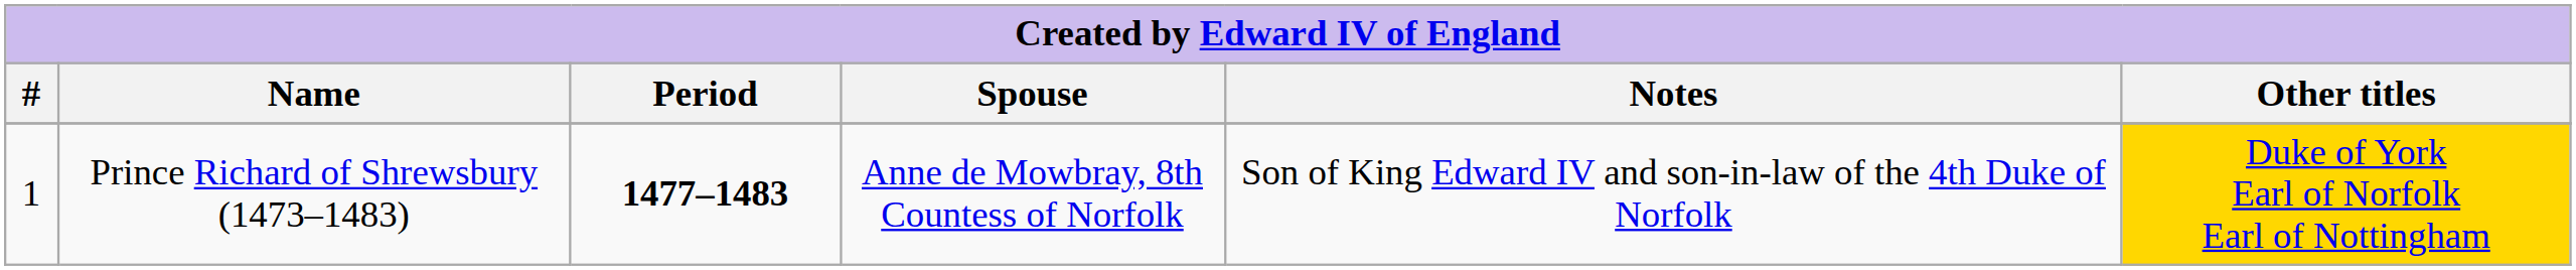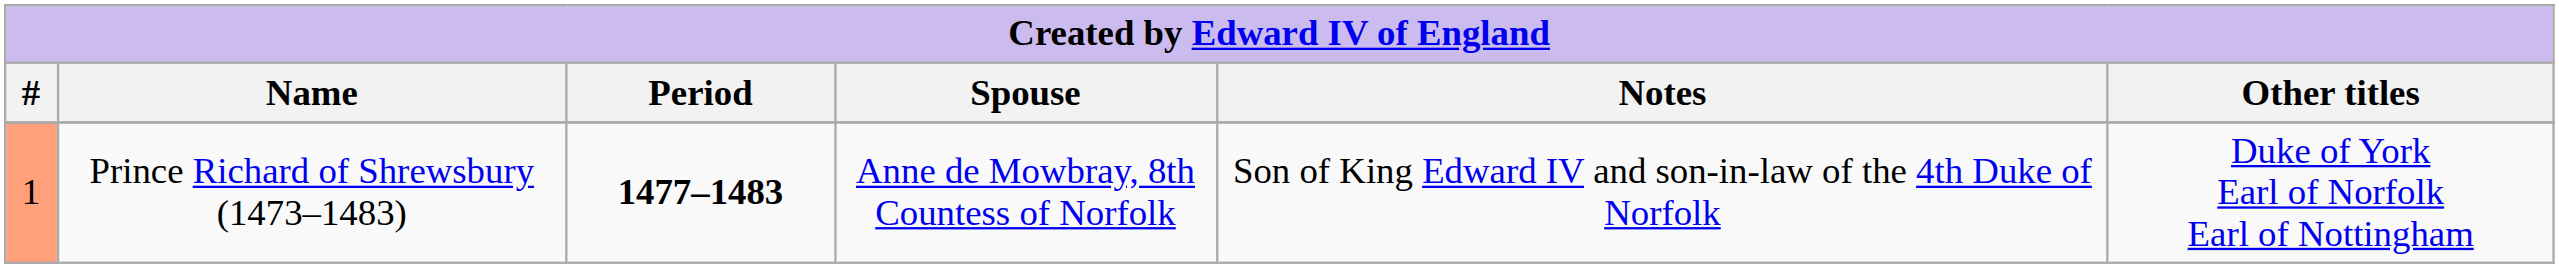 <table style="text-align:center; width:70%" class="wikitable">
 <tr>
 <th colspan="6" style="background-color: #cbe">Created by <a href='#'>Edward IV of England</a></th>
 </tr>
 <tr>
 <th style="width:10%%">#</th>
 <th style="width:20%">Name</th>
 <th>Period</th>
 <th style="width:15%">Spouse</th>
 <th style="width:35%">Notes</th>
 <th>Other titles</th>
 </tr>
 <tr bgcolor="#dddddd" |>
 </tr>
 <tr>
-<td>1</td>
+<td style="background: lightsalmon;">1</td>
 <td>Prince <a href='#'>Richard of Shrewsbury</a><br>(1473–1483)</td>
 <td><strong>1477–1483</strong></td>
 <td><a href='#'>Anne de Mowbray, 8th Countess of Norfolk</a></td>
 <td>Son of King <a href='#'>Edward IV</a> and son-in-law of the <a href='#'>4th Duke of Norfolk</a></td>
-<td style="background: gold;"><a href='#'>Duke of York</a><br><a href='#'>Earl of Norfolk</a><br><a href='#'>Earl of Nottingham</a></td>
+<td><a href='#'>Duke of York</a><br><a href='#'>Earl of Norfolk</a><br><a href='#'>Earl of Nottingham</a></td>
 </tr>
 </table>
